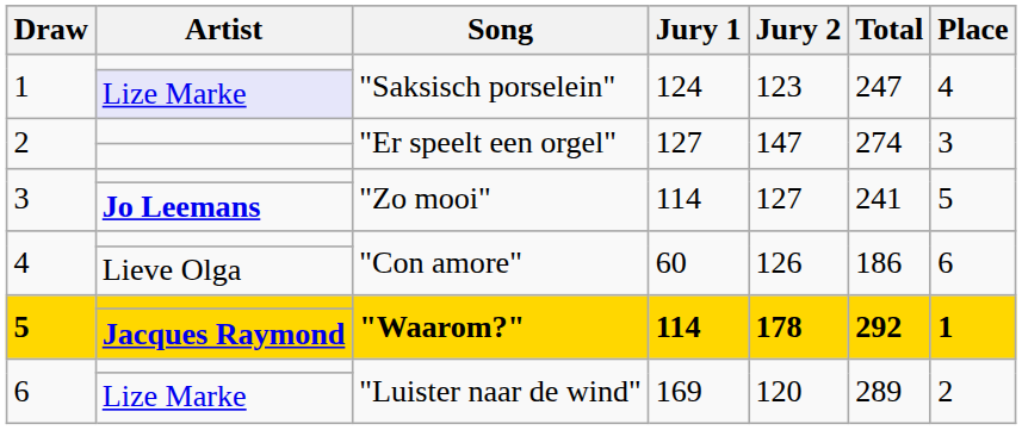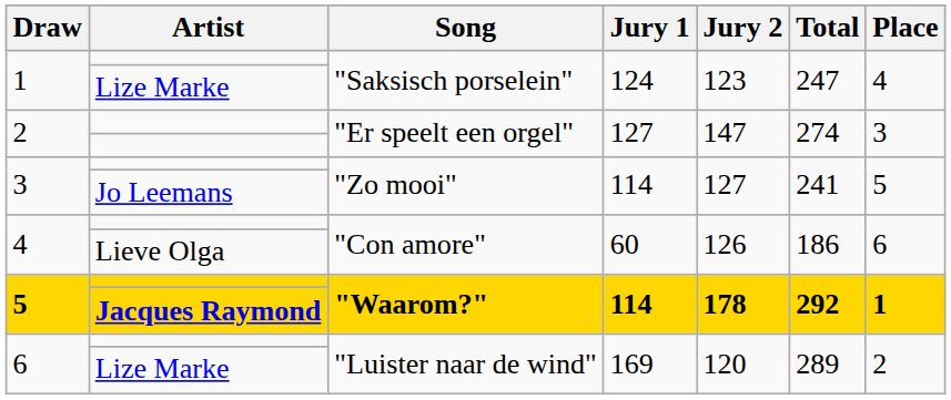 <table class="sortable wikitable" style="margin: 1em auto 1em auto">
 <tr bgcolor="#CCCCCC">
 <th>Draw</th>
 <th>Artist</th>
 <th>Song</th>
 <th>Jury 1</th>
 <th>Jury 2</th>
 <th>Total</th>
 <th>Place</th>
 </tr>
 <tr>
 <td rowspan="2">1</td>
 <td></td>
 <td rowspan="2">"Saksisch porselein"</td>
 <td rowspan="2">124</td>
 <td rowspan="2">123</td>
 <td rowspan="2">247</td>
 <td rowspan="2">4</td>
 </tr>
 <tr>
-<td style="background: lavender;"><a href='#'>Lize Marke</a></td>
+<td><a href='#'>Lize Marke</a></td>
 </tr>
 <tr>
 <td rowspan="2">2</td>
 <td></td>
 <td rowspan="2">"Er speelt een orgel"</td>
 <td rowspan="2">127</td>
 <td rowspan="2">147</td>
 <td rowspan="2">274</td>
 <td rowspan="2">3</td>
 </tr>
 <tr>
 <td></td>
 </tr>
 <tr>
 <td rowspan="2">3</td>
 <td></td>
 <td rowspan="2">"Zo mooi"</td>
 <td rowspan="2">114</td>
 <td rowspan="2">127</td>
 <td rowspan="2">241</td>
 <td rowspan="2">5</td>
 </tr>
 <tr>
-<td><strong><a href='#'>Jo Leemans</a></strong></td>
+<td><a href='#'>Jo Leemans</a></td>
 </tr>
 <tr>
 <td rowspan="2">4</td>
 <td></td>
 <td rowspan="2">"Con amore"</td>
 <td rowspan="2">60</td>
 <td rowspan="2">126</td>
 <td rowspan="2">186</td>
 <td rowspan="2">6</td>
 </tr>
 <tr>
 <td>Lieve Olga</td>
 </tr>
 <tr style="background:gold;font-weight:bold;">
 <td rowspan="2">5</td>
 <td></td>
 <td rowspan="2">"Waarom?"</td>
 <td rowspan="2">114</td>
 <td rowspan="2">178</td>
 <td rowspan="2">292</td>
 <td rowspan="2">1</td>
 </tr>
 <tr style="background:gold;font-weight:bold;">
 <td><a href='#'>Jacques Raymond</a></td>
 </tr>
 <tr>
 <td rowspan="2">6</td>
 <td></td>
 <td rowspan="2">"Luister naar de wind"</td>
 <td rowspan="2">169</td>
 <td rowspan="2">120</td>
 <td rowspan="2">289</td>
 <td rowspan="2">2</td>
 </tr>
 <tr>
 <td><a href='#'>Lize Marke</a></td>
 </tr>
 </table>
